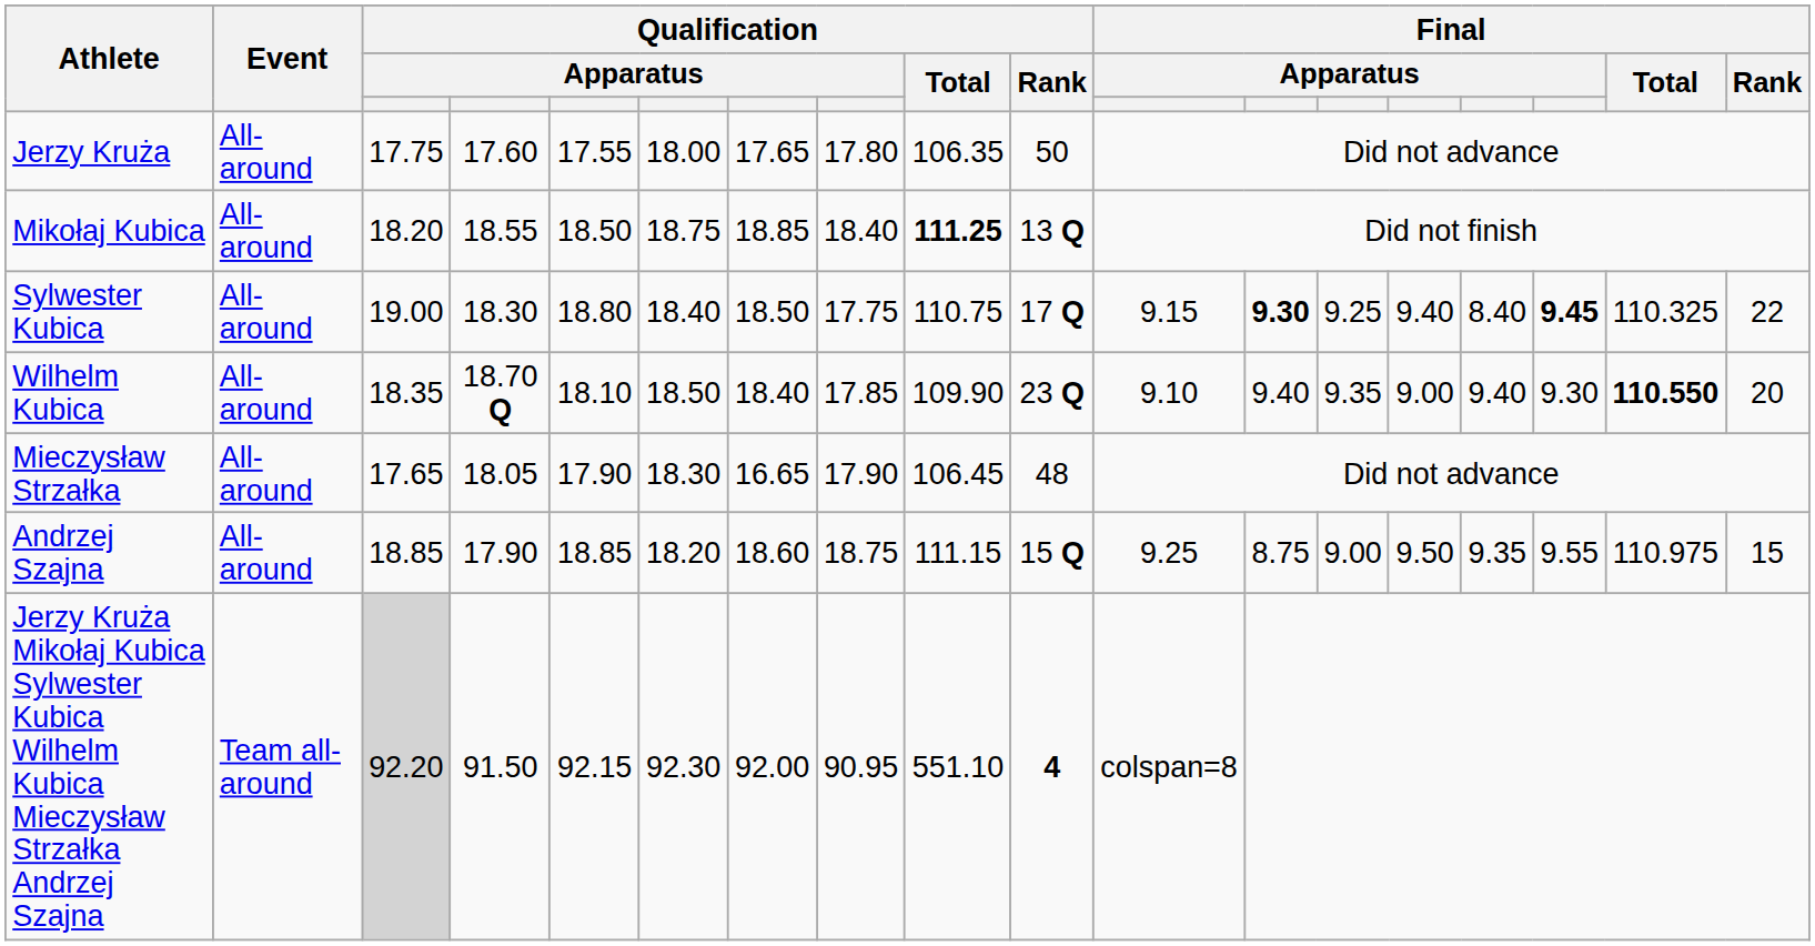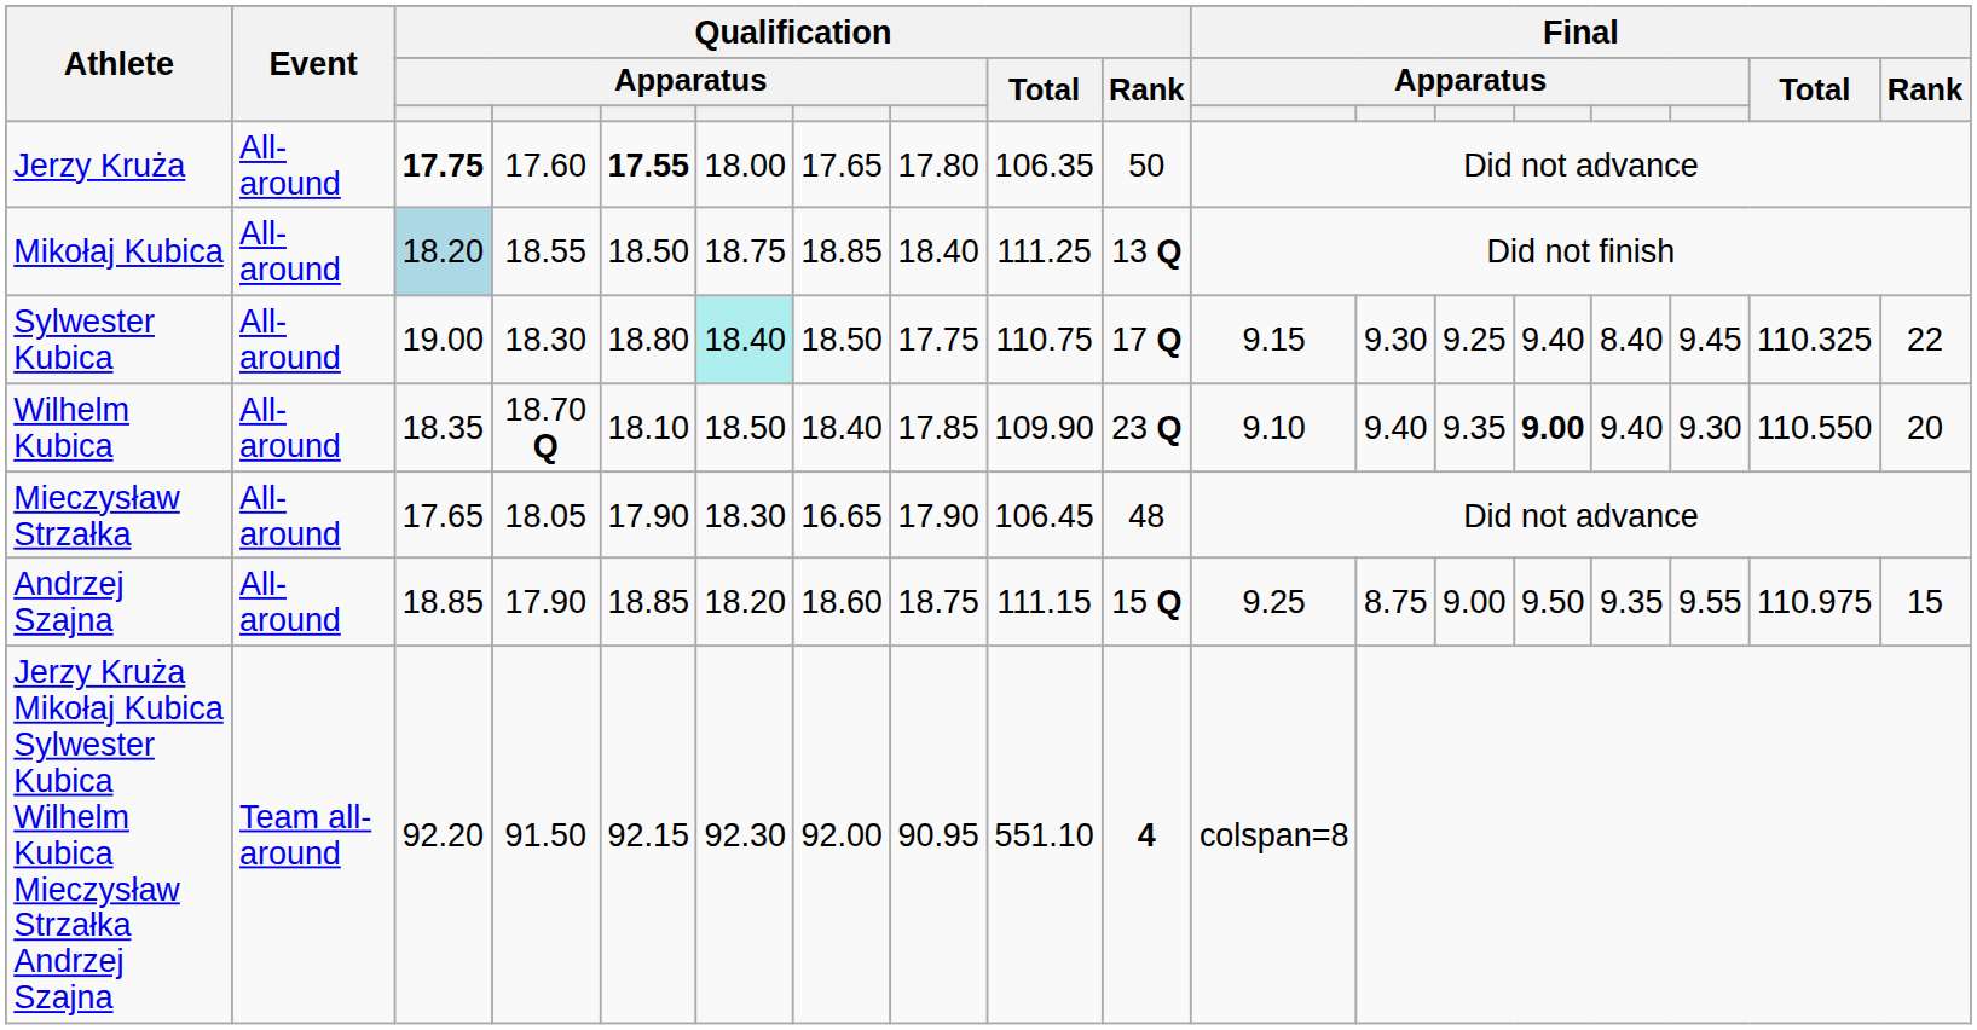 <table class="wikitable" style="font-size:90%">
 <tr>
 <th rowspan=3>Athlete</th>
 <th rowspan=3>Event</th>
 <th colspan =8>Qualification</th>
 <th colspan =8>Final</th>
 </tr>
 <tr style="font-size:95%">
 <th colspan=6>Apparatus</th>
 <th rowspan=2>Total</th>
 <th rowspan=2>Rank</th>
 <th colspan=6>Apparatus</th>
 <th rowspan=2>Total</th>
 <th rowspan=2>Rank</th>
 </tr>
 <tr style="font-size:95%">
 <th></th>
 <th></th>
 <th></th>
 <th></th>
 <th></th>
 <th></th>
 <th></th>
 <th></th>
 <th></th>
 <th></th>
 <th></th>
 <th></th>
 </tr>
 <tr align=center>
 <td align=left><a href='#'>Jerzy Kruża</a></td>
 <td align=left><a href='#'>All-around</a></td>
-<td>17.75</td>
+<td><strong>17.75</strong></td>
 <td>17.60</td>
-<td>17.55</td>
+<td><strong>17.55</strong></td>
 <td>18.00</td>
 <td>17.65</td>
 <td>17.80</td>
 <td>106.35</td>
 <td>50</td>
 <td colspan=8>Did not advance</td>
 </tr>
 <tr align=center>
 <td align=left><a href='#'>Mikołaj Kubica</a></td>
 <td align=left><a href='#'>All-around</a></td>
-<td>18.20</td>
+<td style="background: lightblue;">18.20</td>
 <td>18.55</td>
 <td>18.50</td>
 <td>18.75</td>
 <td>18.85</td>
 <td>18.40</td>
-<td><strong>111.25</strong></td>
+<td>111.25</td>
 <td>13 <strong>Q</strong></td>
 <td colspan=8>Did not finish</td>
 </tr>
 <tr align=center>
 <td align=left><a href='#'>Sylwester Kubica</a></td>
 <td align=left><a href='#'>All-around</a></td>
 <td>19.00</td>
 <td>18.30</td>
 <td>18.80</td>
-<td>18.40</td>
+<td style="background: paleturquoise;">18.40</td>
 <td>18.50</td>
 <td>17.75</td>
 <td>110.75</td>
 <td>17 <strong>Q</strong></td>
 <td>9.15</td>
-<td><strong>9.30</strong></td>
+<td>9.30</td>
 <td>9.25</td>
 <td>9.40</td>
 <td>8.40</td>
-<td><strong>9.45</strong></td>
+<td>9.45</td>
 <td>110.325</td>
 <td>22</td>
 </tr>
 <tr align=center>
 <td align=left><a href='#'>Wilhelm Kubica</a></td>
 <td align=left><a href='#'>All-around</a></td>
 <td>18.35</td>
 <td>18.70 <strong>Q</strong></td>
 <td>18.10</td>
 <td>18.50</td>
 <td>18.40</td>
 <td>17.85</td>
 <td>109.90</td>
 <td>23 <strong>Q</strong></td>
 <td>9.10</td>
 <td>9.40</td>
 <td>9.35</td>
-<td>9.00</td>
+<td><strong>9.00</strong></td>
 <td>9.40</td>
 <td>9.30</td>
-<td><strong>110.550</strong></td>
+<td>110.550</td>
 <td>20</td>
 </tr>
 <tr align=center>
 <td align=left><a href='#'>Mieczysław Strzałka</a></td>
 <td align=left><a href='#'>All-around</a></td>
 <td>17.65</td>
 <td>18.05</td>
 <td>17.90</td>
 <td>18.30</td>
 <td>16.65</td>
 <td>17.90</td>
 <td>106.45</td>
 <td>48</td>
 <td colspan=8>Did not advance</td>
 </tr>
 <tr align=center>
 <td align=left><a href='#'>Andrzej Szajna</a></td>
 <td align=left><a href='#'>All-around</a></td>
 <td>18.85</td>
 <td>17.90</td>
 <td>18.85</td>
 <td>18.20</td>
 <td>18.60</td>
 <td>18.75</td>
 <td>111.15</td>
 <td>15 <strong>Q</strong></td>
 <td>9.25</td>
 <td>8.75</td>
 <td>9.00</td>
 <td>9.50</td>
 <td>9.35</td>
 <td>9.55</td>
 <td>110.975</td>
 <td>15</td>
 </tr>
 <tr align=center>
 <td align=left><a href='#'>Jerzy Kruża</a><br><a href='#'>Mikołaj Kubica</a><br><a href='#'>Sylwester Kubica</a><br><a href='#'>Wilhelm Kubica</a><br><a href='#'>Mieczysław Strzałka</a><br><a href='#'>Andrzej Szajna</a></td>
 <td align=left><a href='#'>Team all-around</a></td>
-<td style="background: lightgrey;">92.20</td>
+<td>92.20</td>
 <td>91.50</td>
 <td>92.15</td>
 <td>92.30</td>
 <td>92.00</td>
 <td>90.95</td>
 <td>551.10</td>
 <td><strong>4</strong></td>
 <td>colspan=8 </td>
 </tr>
 </table>
